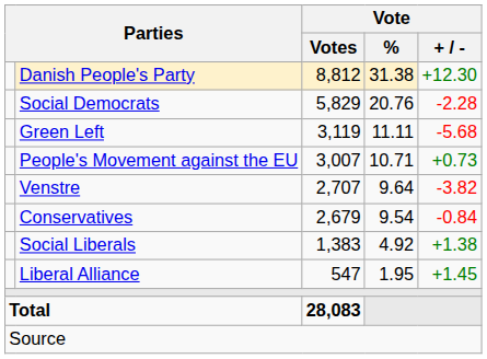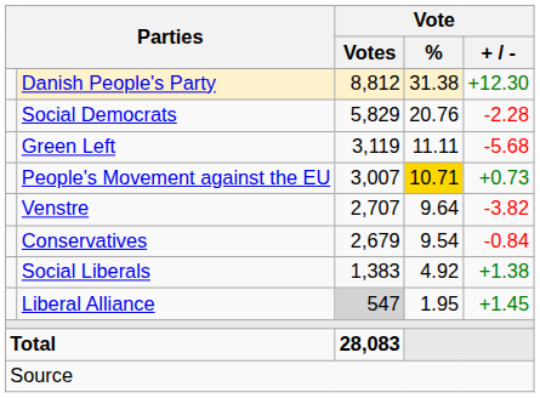 <table class="wikitable" style="text-align:right;">
 <tr>
 <th style="text-align:centre;" rowspan="2" colspan="2" width="225">Parties</th>
 <th colspan="3">Vote</th>
 </tr>
 <tr>
 <th width="15">Votes</th>
 <th width="15">%</th>
 <th width="15">+ / -</th>
 </tr>
 <tr>
 <td width="2" style="color:inherit;background:"></td>
 <td bgcolor=#fef2cc   align="left"><a href='#'>Danish People's Party</a></td>
 <td bgcolor=#fef2cc>8,812</td>
 <td bgcolor=#fef2cc>31.38</td>
 <td style=color:green;>+12.30</td>
 </tr>
 <tr>
 <td width="2" style="color:inherit;background:"></td>
 <td align="left"><a href='#'>Social Democrats</a></td>
 <td>5,829</td>
 <td>20.76</td>
 <td style=color:red;>-2.28</td>
 </tr>
 <tr>
 <td width="2" style="color:inherit;background:"></td>
 <td align="left"><a href='#'>Green Left</a></td>
 <td>3,119</td>
 <td>11.11</td>
 <td style=color:red;>-5.68</td>
 </tr>
 <tr>
 <td width="2" style="color:inherit;background:"></td>
 <td align="left"><a href='#'>People's Movement against the EU</a></td>
 <td>3,007</td>
-<td>10.71</td>
+<td style="background: gold;">10.71</td>
 <td style=color:green;>+0.73</td>
 </tr>
 <tr>
 <td width="2" style="color:inherit;background:"></td>
 <td align="left"><a href='#'>Venstre</a></td>
 <td>2,707</td>
 <td>9.64</td>
 <td style=color:red;>-3.82</td>
 </tr>
 <tr>
 <td width="2" style="color:inherit;background:"></td>
 <td align="left"><a href='#'>Conservatives</a></td>
 <td>2,679</td>
 <td>9.54</td>
 <td style=color:red;>-0.84</td>
 </tr>
 <tr>
 <td width="2" style="color:inherit;background:"></td>
 <td align="left"><a href='#'>Social Liberals</a></td>
 <td>1,383</td>
 <td>4.92</td>
 <td style=color:green;>+1.38</td>
 </tr>
 <tr>
 <td width="2" style="color:inherit;background:"></td>
 <td align="left"><a href='#'>Liberal Alliance</a></td>
-<td>547</td>
+<td style="background: lightgrey;">547</td>
 <td>1.95</td>
 <td style=color:green;>+1.45</td>
 </tr>
 <tr>
 <td colspan="7" bgcolor="#E9E9E9"></td>
 </tr>
 <tr>
 <td align="left" colspan="2"><strong>Total</strong></td>
 <td><strong>28,083</strong></td>
 <td bgcolor="#E9E9E9" colspan="2"></td>
 </tr>
 <tr>
 <td align="left" colspan="6">Source</td>
 </tr>
 </table>
